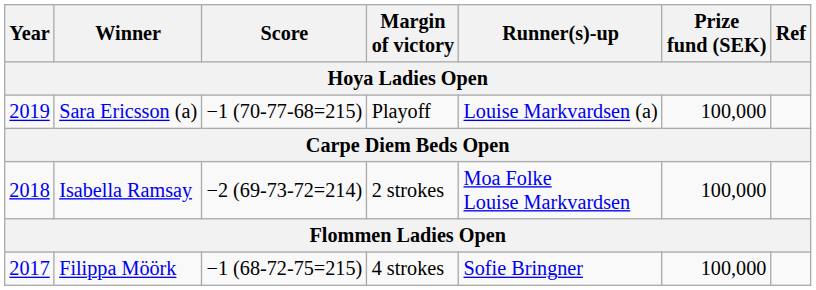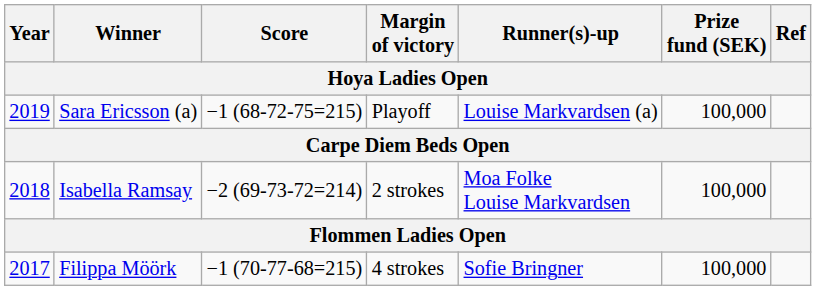 <table class=wikitable style="font-size:95%">
 <tr>
 <th>Year</th>
 <th>Winner</th>
 <th>Score</th>
 <th>Margin<br>of victory</th>
 <th>Runner(s)-up</th>
 <th>Prize<br>fund (SEK)</th>
 <th>Ref</th>
 </tr>
 <tr>
 <th colspan=10>Hoya Ladies Open</th>
 </tr>
 <tr>
 <td><a href='#'>2019</a></td>
 <td> <a href='#'>Sara Ericsson</a> (a)</td>
-<td>−1 (70-77-68=215)</td>
+<td>−1 (68-72-75=215)</td>
 <td>Playoff</td>
 <td> <a href='#'>Louise Markvardsen</a> (a)</td>
 <td align=right>100,000</td>
 <td></td>
 </tr>
 <tr>
 <th colspan=10>Carpe Diem Beds Open</th>
 </tr>
 <tr>
 <td><a href='#'>2018</a></td>
 <td> <a href='#'>Isabella Ramsay</a></td>
 <td>−2 (69-73-72=214)</td>
 <td>2 strokes</td>
 <td> <a href='#'>Moa Folke</a><br> <a href='#'>Louise Markvardsen</a></td>
 <td align=right>100,000</td>
 <td></td>
 </tr>
 <tr>
 <th colspan=10>Flommen Ladies Open</th>
 </tr>
 <tr>
 <td><a href='#'>2017</a></td>
 <td> <a href='#'>Filippa Möörk</a></td>
-<td>−1 (68-72-75=215)</td>
+<td>−1 (70-77-68=215)</td>
 <td>4 strokes</td>
 <td> <a href='#'>Sofie Bringner</a></td>
 <td align=right>100,000</td>
 <td></td>
 </tr>
 </table>
